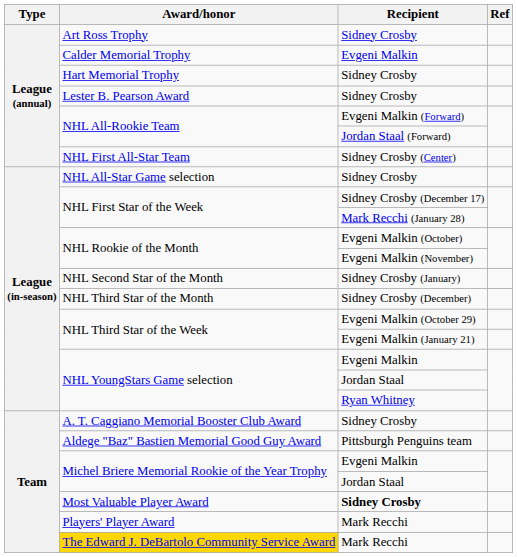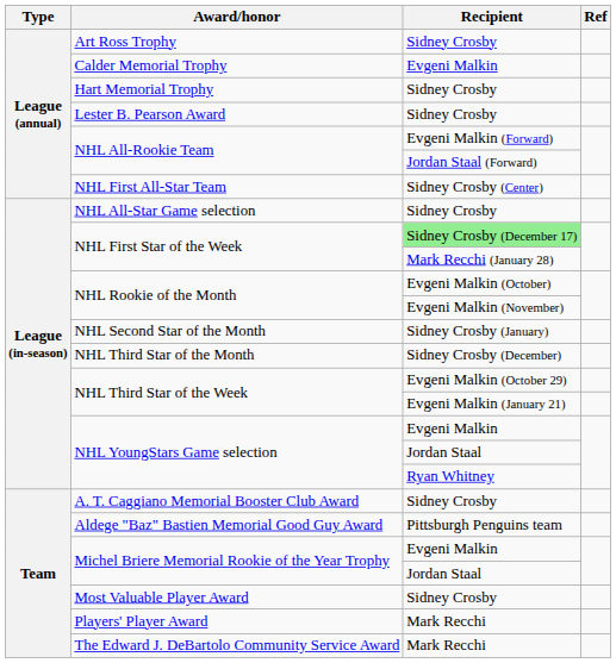 <table class="wikitable">
 <tr>
 <th scope="col">Type</th>
 <th scope="col">Award/honor</th>
 <th scope="col">Recipient</th>
 <th scope="col">Ref</th>
 </tr>
 <tr>
 <th scope="row" rowspan="7">League<br><small>(annual)</small></th>
 <td><a href='#'>Art Ross Trophy</a></td>
 <td><a href='#'>Sidney Crosby</a></td>
 <td></td>
 </tr>
 <tr>
 <td><a href='#'>Calder Memorial Trophy</a></td>
 <td><a href='#'>Evgeni Malkin</a></td>
 <td></td>
 </tr>
 <tr>
 <td><a href='#'>Hart Memorial Trophy</a></td>
 <td>Sidney Crosby</td>
 <td></td>
 </tr>
 <tr>
 <td><a href='#'>Lester B. Pearson Award</a></td>
 <td>Sidney Crosby</td>
 <td></td>
 </tr>
 <tr>
 <td rowspan="2"><a href='#'>NHL All-Rookie Team</a></td>
 <td>Evgeni Malkin <small>(<a href='#'>Forward</a>)</small></td>
 <td rowspan="2"></td>
 </tr>
 <tr>
 <td><a href='#'>Jordan Staal</a> <small>(Forward)</small></td>
 </tr>
 <tr>
 <td><a href='#'>NHL First All-Star Team</a></td>
 <td>Sidney Crosby <small>(<a href='#'>Center</a>)</small></td>
 <td></td>
 </tr>
 <tr>
 <th scope="row" rowspan="12">League<br><small>(in-season)</small></th>
 <td><a href='#'>NHL All-Star Game</a> selection</td>
 <td>Sidney Crosby</td>
 <td></td>
 </tr>
 <tr>
 <td rowspan="2">NHL First Star of the Week</td>
-<td>Sidney Crosby <small>(December 17)</small></td>
+<td style="background: lightgreen;">Sidney Crosby <small>(December 17)</small></td>
 <td rowspan="2"></td>
 </tr>
 <tr>
 <td><a href='#'>Mark Recchi</a> <small>(January 28)</small></td>
 </tr>
 <tr>
 <td rowspan="2">NHL Rookie of the Month</td>
 <td>Evgeni Malkin <small>(October)</small></td>
 <td rowspan="2"></td>
 </tr>
 <tr>
 <td>Evgeni Malkin <small>(November)</small></td>
 </tr>
 <tr>
 <td>NHL Second Star of the Month</td>
 <td>Sidney Crosby <small>(January)</small></td>
 <td></td>
 </tr>
 <tr>
 <td>NHL Third Star of the Month</td>
 <td>Sidney Crosby <small>(December)</small></td>
 <td></td>
 </tr>
 <tr>
 <td rowspan="2">NHL Third Star of the Week</td>
 <td>Evgeni Malkin <small>(October 29)</small></td>
 <td></td>
 </tr>
 <tr>
 <td>Evgeni Malkin <small>(January 21)</small></td>
 <td></td>
 </tr>
 <tr>
 <td rowspan="3"><a href='#'>NHL YoungStars Game</a> selection</td>
 <td>Evgeni Malkin</td>
 <td rowspan="3"></td>
 </tr>
 <tr>
 <td>Jordan Staal</td>
 </tr>
 <tr>
 <td><a href='#'>Ryan Whitney</a></td>
 </tr>
 <tr>
 <th scope="row" rowspan="7">Team</th>
 <td><a href='#'>A. T. Caggiano Memorial Booster Club Award</a></td>
 <td>Sidney Crosby</td>
 <td></td>
 </tr>
 <tr>
 <td><a href='#'>Aldege "Baz" Bastien Memorial Good Guy Award</a></td>
 <td>Pittsburgh Penguins team</td>
 <td></td>
 </tr>
 <tr>
 <td rowspan="2"><a href='#'>Michel Briere Memorial Rookie of the Year Trophy</a></td>
 <td>Evgeni Malkin</td>
 <td rowspan="2"></td>
 </tr>
 <tr>
 <td>Jordan Staal</td>
 </tr>
 <tr>
 <td><a href='#'>Most Valuable Player Award</a></td>
-<td><strong>Sidney Crosby</strong></td>
+<td>Sidney Crosby</td>
 <td></td>
 </tr>
 <tr>
 <td><a href='#'>Players' Player Award</a></td>
 <td>Mark Recchi</td>
 <td></td>
 </tr>
 <tr>
-<td style="background: gold;"><a href='#'>The Edward J. DeBartolo Community Service Award</a></td>
+<td><a href='#'>The Edward J. DeBartolo Community Service Award</a></td>
 <td>Mark Recchi</td>
 <td></td>
 </tr>
 </table>
